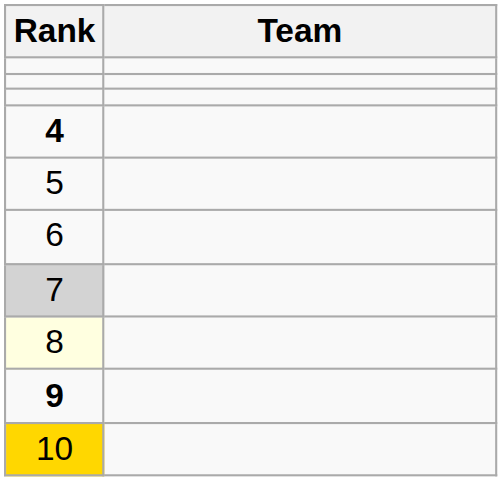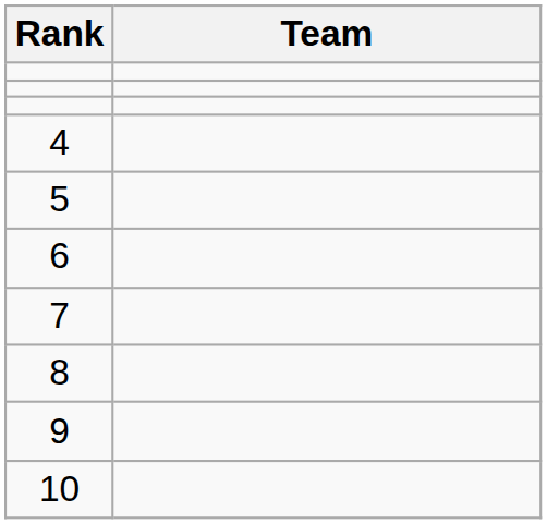 <table class="wikitable" style="text-align: center;">
 <tr>
 <th width=40>Rank</th>
 <th width=180>Team</th>
 </tr>
 <tr>
 <td></td>
 <td style="text-align:left;"></td>
 </tr>
 <tr>
 <td></td>
 <td style="text-align:left;"></td>
 </tr>
 <tr>
 <td></td>
 <td style="text-align:left;"></td>
 </tr>
 <tr>
-<td><strong>4</strong></td>
+<td>4</td>
 <td style="text-align:left;"></td>
 </tr>
 <tr>
 <td>5</td>
 <td style="text-align:left;"></td>
 </tr>
 <tr>
 <td>6</td>
 <td style="text-align:left;"></td>
 </tr>
 <tr>
-<td style="background: lightgrey;">7</td>
+<td>7</td>
 <td style="text-align:left;"></td>
 </tr>
 <tr>
-<td style="background: lightyellow;">8</td>
+<td>8</td>
 <td style="text-align:left;"></td>
 </tr>
 <tr>
-<td><strong>9</strong></td>
+<td>9</td>
 <td style="text-align:left;"></td>
 </tr>
 <tr>
-<td style="background: gold;">10</td>
+<td>10</td>
 <td style="text-align:left;"></td>
 </tr>
 </table>
